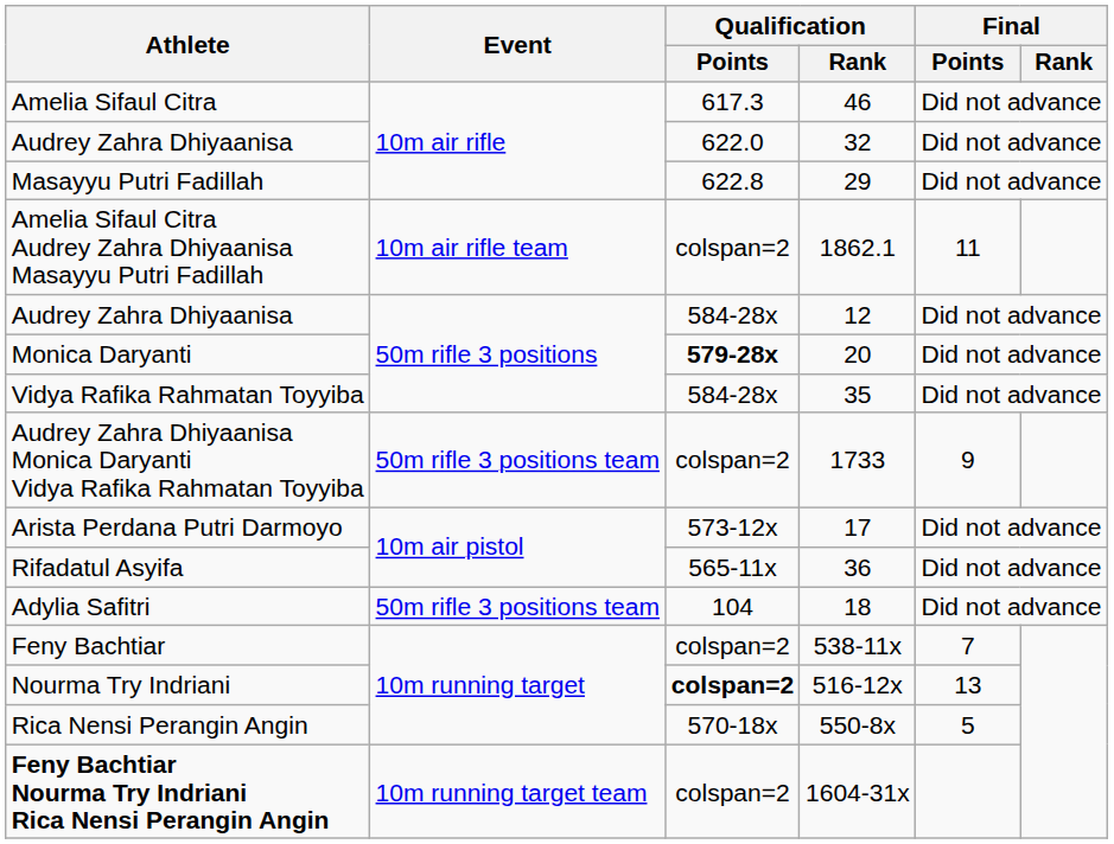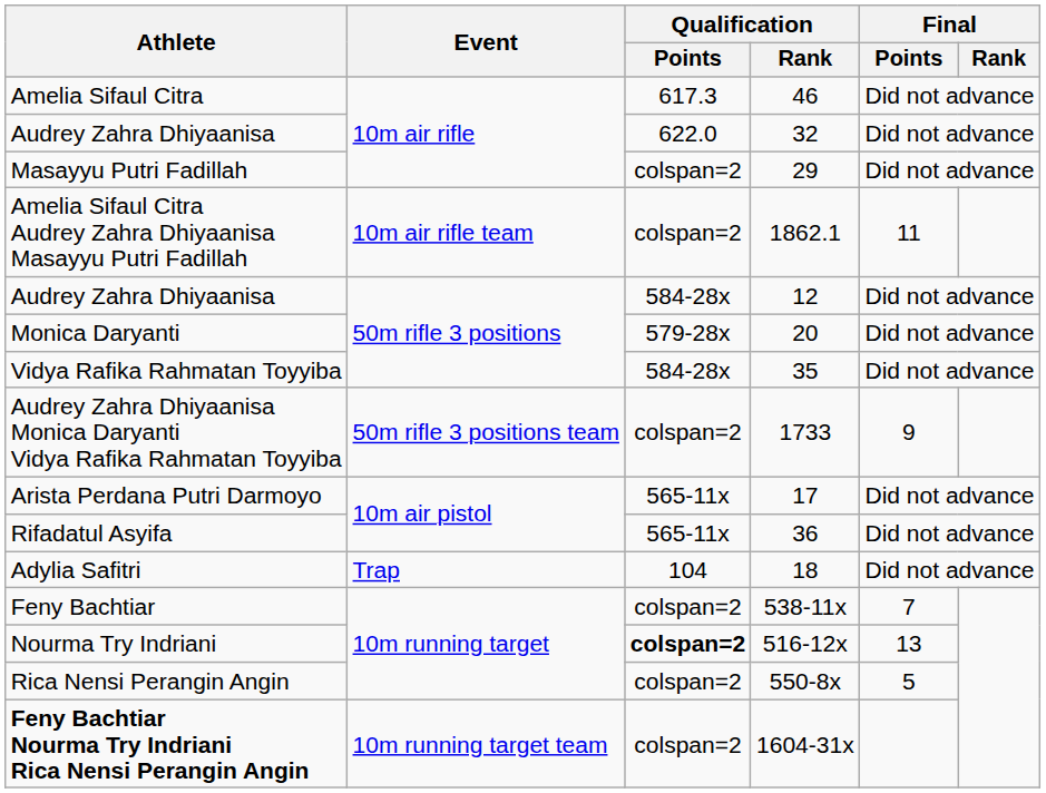 <table class=wikitable style=font-size:90%;text-align:center>
 <tr>
 <th rowspan="2">Athlete</th>
 <th rowspan="2">Event</th>
 <th colspan=2>Qualification</th>
 <th colspan=2>Final</th>
 </tr>
 <tr style="font-size:95%">
 <th>Points</th>
 <th>Rank</th>
 <th>Points</th>
 <th>Rank</th>
 </tr>
 <tr>
 <td align=left>Amelia Sifaul Citra</td>
 <td align=left rowspan=3><a href='#'>10m air rifle</a></td>
 <td>617.3</td>
 <td>46</td>
 <td align=centre colspan=2>Did not advance</td>
 </tr>
 <tr>
 <td align=left>Audrey Zahra Dhiyaanisa</td>
 <td>622.0</td>
 <td>32</td>
 <td align=centre colspan=2>Did not advance</td>
 </tr>
 <tr>
 <td align=left>Masayyu Putri Fadillah</td>
-<td>622.8</td>
+<td>colspan=2 </td>
 <td>29</td>
 <td align=centre colspan=2>Did not advance</td>
 </tr>
 <tr>
 <td align=left>Amelia Sifaul Citra<br>Audrey Zahra Dhiyaanisa<br>Masayyu Putri Fadillah</td>
 <td align=left><a href='#'>10m air rifle team</a></td>
 <td>colspan=2 </td>
 <td>1862.1</td>
 <td>11</td>
 </tr>
 <tr>
 <td align=left>Audrey Zahra Dhiyaanisa</td>
 <td align=left rowspan=3><a href='#'>50m rifle 3 positions</a></td>
 <td>584-28x</td>
 <td>12</td>
 <td colspan="2">Did not advance</td>
 </tr>
 <tr>
 <td align=left>Monica Daryanti</td>
-<td><strong>579-28x</strong></td>
+<td>579-28x</td>
 <td>20</td>
 <td colspan="2">Did not advance</td>
 </tr>
 <tr>
 <td align=left>Vidya Rafika Rahmatan Toyyiba</td>
 <td>584-28x</td>
 <td>35</td>
 <td colspan="2">Did not advance</td>
 </tr>
 <tr>
 <td align=left>Audrey Zahra Dhiyaanisa<br>Monica Daryanti<br>Vidya Rafika Rahmatan Toyyiba</td>
 <td align=left><a href='#'>50m rifle 3 positions team</a></td>
 <td>colspan=2 </td>
 <td>1733</td>
 <td>9</td>
 </tr>
 <tr>
 <td align=left>Arista Perdana Putri Darmoyo</td>
 <td align=left rowspan=2><a href='#'>10m air pistol</a></td>
-<td>573-12x</td>
+<td>565-11x</td>
 <td>17</td>
 <td colspan=2>Did not advance</td>
 </tr>
 <tr>
 <td align=left>Rifadatul Asyifa</td>
 <td>565-11x</td>
 <td>36</td>
 <td colspan=2>Did not advance</td>
 </tr>
 <tr>
 <td align=left>Adylia Safitri</td>
-<td align=left><a href='#'>50m rifle 3 positions team</a></td>
+<td align=left><a href='#'>Trap</a></td>
 <td>104</td>
 <td>18</td>
 <td colspan=2>Did not advance</td>
 </tr>
 <tr>
 <td align=left>Feny Bachtiar</td>
 <td align=left rowspan=3><a href='#'>10m running target</a></td>
 <td>colspan=2 </td>
 <td>538-11x</td>
 <td>7</td>
 </tr>
 <tr>
 <td align=left>Nourma Try Indriani</td>
 <td><strong>colspan=2 </strong></td>
 <td>516-12x</td>
 <td>13</td>
 </tr>
 <tr>
 <td align=left>Rica Nensi Perangin Angin</td>
-<td>570-18x</td>
+<td>colspan=2 </td>
 <td>550-8x</td>
 <td>5</td>
 </tr>
 <tr>
 <td align=left><strong>Feny Bachtiar<br>Nourma Try Indriani<br>Rica Nensi Perangin Angin</strong></td>
 <td align=left><a href='#'>10m running target team</a></td>
 <td>colspan=2 </td>
 <td>1604-31x</td>
 <td></td>
 </tr>
 </table>
